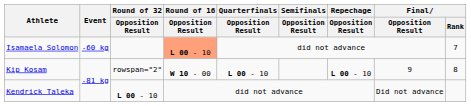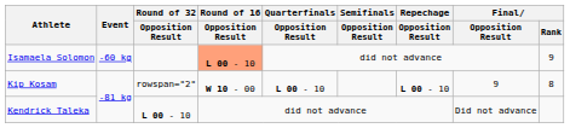 <table class="wikitable" style="font-size:90%;">
 <tr>
 <th rowspan=2>Athlete</th>
 <th rowspan=2>Event</th>
 <th>Round of 32</th>
 <th>Round of 16</th>
 <th>Quarterfinals</th>
 <th>Semifinals</th>
 <th>Repechage</th>
 <th colspan=2>Final/</th>
 </tr>
 <tr style="font-size:95%">
 <th>Opposition<br>Result</th>
 <th>Opposition<br>Result</th>
 <th>Opposition<br>Result</th>
 <th>Opposition<br>Result</th>
 <th>Opposition<br>Result</th>
 <th>Opposition<br>Result</th>
 <th>Rank</th>
 </tr>
 <tr align=center>
 <td align=left><a href='#'>Isamaela Solomon</a></td>
 <td align=left><a href='#'>-60 kg</a></td>
 <td></td>
 <td style="background: lightsalmon;"><br><strong>L</strong> <strong>00</strong> - 10</td>
 <td colspan="4">did not advance</td>
-<td>7</td>
+<td>9</td>
 </tr>
 <tr align=center>
 <td align=left><a href='#'>Kip Kosam</a></td>
 <td rowspan="2" align=left><a href='#'>-81 kg</a></td>
 <td>rowspan="2" </td>
 <td><br><strong>W</strong> <strong>10</strong> - 00</td>
 <td><br><strong>L</strong> <strong>00</strong> - 10</td>
 <td></td>
 <td><br> <strong>L</strong> <strong>00</strong> - 10</td>
 <td>9</td>
 <td>8</td>
 </tr>
 <tr align=center>
 <td align=left><a href='#'>Kendrick Taleka</a></td>
 <td><br> <strong>L</strong> <strong>00</strong> - 10</td>
 <td colspan="4">did not advance</td>
 <td>Did not advance</td>
 </tr>
 </table>
